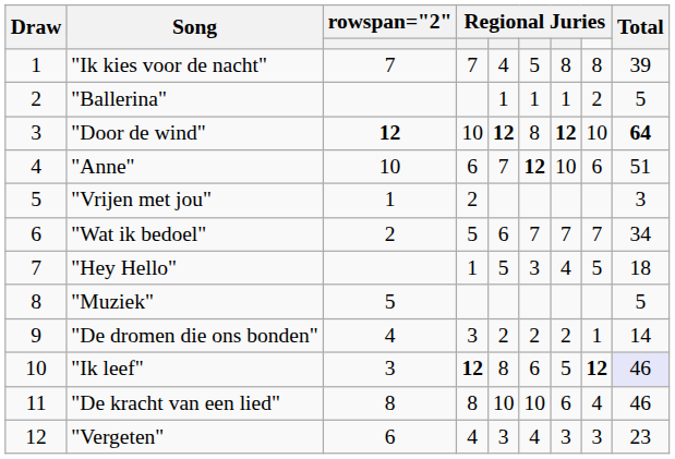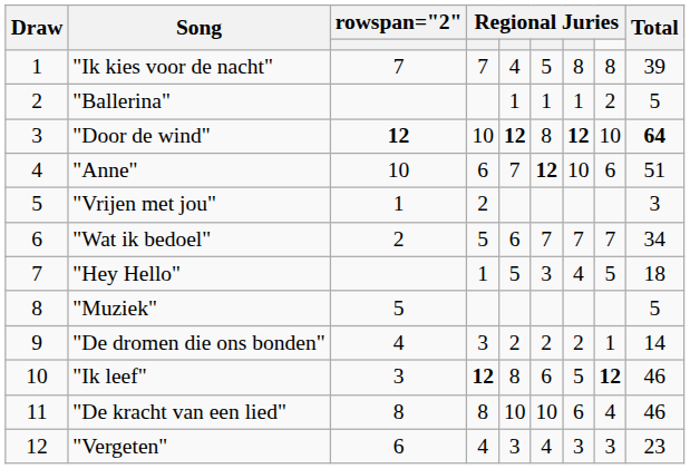 <table class="wikitable plainrowheaders" style="margin: 1em auto 1em auto; text-align:center;">
 <tr>
 <th rowspan="2">Draw</th>
 <th rowspan="2">Song</th>
 <th>rowspan="2" </th>
 <th colspan="5">Regional Juries</th>
 <th rowspan="2">Total</th>
 </tr>
 <tr>
 <th></th>
 <th></th>
 <th></th>
 <th></th>
 <th></th>
 </tr>
 <tr --->
 <td>1</td>
 <td align="left">"Ik kies voor de nacht"</td>
 <td>7</td>
 <td>7</td>
 <td>4</td>
 <td>5</td>
 <td>8</td>
 <td>8</td>
 <td>39</td>
 </tr>
 <tr --->
 <td>2</td>
 <td align="left">"Ballerina"</td>
 <td></td>
 <td></td>
 <td>1</td>
 <td>1</td>
 <td>1</td>
 <td>2</td>
 <td>5</td>
 </tr>
 <tr --->
 <td>3</td>
 <td align="left">"Door de wind"</td>
 <td><strong>12</strong></td>
 <td>10</td>
 <td><strong>12</strong></td>
 <td>8</td>
 <td><strong>12</strong></td>
 <td>10</td>
 <td><strong>64</strong></td>
 </tr>
 <tr --->
 <td>4</td>
 <td align="left">"Anne"</td>
 <td>10</td>
 <td>6</td>
 <td>7</td>
 <td><strong>12</strong></td>
 <td>10</td>
 <td>6</td>
 <td>51</td>
 </tr>
 <tr --->
 <td>5</td>
 <td align="left">"Vrijen met jou"</td>
 <td>1</td>
 <td>2</td>
 <td></td>
 <td></td>
 <td></td>
 <td></td>
 <td>3</td>
 </tr>
 <tr --->
 <td>6</td>
 <td align="left">"Wat ik bedoel"</td>
 <td>2</td>
 <td>5</td>
 <td>6</td>
 <td>7</td>
 <td>7</td>
 <td>7</td>
 <td>34</td>
 </tr>
 <tr --->
 <td>7</td>
 <td align="left">"Hey Hello"</td>
 <td></td>
 <td>1</td>
 <td>5</td>
 <td>3</td>
 <td>4</td>
 <td>5</td>
 <td>18</td>
 </tr>
 <tr --->
 <td>8</td>
 <td align="left">"Muziek"</td>
 <td>5</td>
 <td></td>
 <td></td>
 <td></td>
 <td></td>
 <td></td>
 <td>5</td>
 </tr>
 <tr --->
 <td>9</td>
 <td align="left">"De dromen die ons bonden"</td>
 <td>4</td>
 <td>3</td>
 <td>2</td>
 <td>2</td>
 <td>2</td>
 <td>1</td>
 <td>14</td>
 </tr>
 <tr --->
 <td>10</td>
 <td align="left">"Ik leef"</td>
 <td>3</td>
 <td><strong>12</strong></td>
 <td>8</td>
 <td>6</td>
 <td>5</td>
 <td><strong>12</strong></td>
-<td style="background: lavender;">46</td>
+<td>46</td>
 </tr>
 <tr --->
 <td>11</td>
 <td align="left">"De kracht van een lied"</td>
 <td>8</td>
 <td>8</td>
 <td>10</td>
 <td>10</td>
 <td>6</td>
 <td>4</td>
 <td>46</td>
 </tr>
 <tr --->
 <td>12</td>
 <td align="left">"Vergeten"</td>
 <td>6</td>
 <td>4</td>
 <td>3</td>
 <td>4</td>
 <td>3</td>
 <td>3</td>
 <td>23</td>
 </tr>
 </table>
